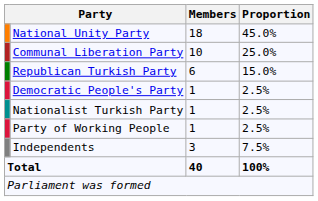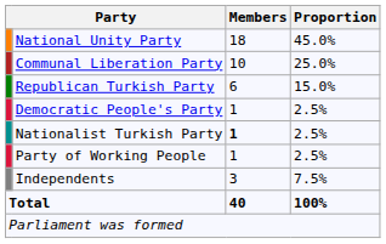 <table class=wikitable style="border:1px solid #8888aa; background-color:#f7f8ff; padding:0px; font-size:90%;">
 <tr>
 <th colspan="2">Party</th>
 <th>Members</th>
 <th>Proportion</th>
 </tr>
 <tr>
 <td style="background: #FF7F00"></td>
 <td><a href='#'>National Unity Party</a></td>
 <td>18</td>
 <td>45.0%</td>
 </tr>
 <tr>
 <td style="background: #B22222"></td>
 <td><a href='#'>Communal Liberation Party</a></td>
 <td>10</td>
 <td>25.0%</td>
 </tr>
 <tr>
 <td style="background: #008000"></td>
 <td><a href='#'>Republican Turkish Party</a></td>
 <td>6</td>
 <td>15.0%</td>
 </tr>
 <tr>
 <td style="background: #DC143C"></td>
 <td><a href='#'>Democratic People's Party</a></td>
 <td>1</td>
 <td>2.5%</td>
 </tr>
 <tr>
 <td style="background: #009090"></td>
 <td>Nationalist Turkish Party</td>
-<td>1</td>
+<td><strong>1</strong></td>
 <td>2.5%</td>
 </tr>
 <tr>
 <td style="background: #DC143C"></td>
 <td>Party of Working People</td>
 <td>1</td>
 <td>2.5%</td>
 </tr>
 <tr>
 <td style="background: gray"></td>
 <td>Independents</td>
 <td>3</td>
 <td>7.5%</td>
 </tr>
 <tr>
 <td colspan="2"><strong>Total</strong></td>
 <td><strong>40</strong></td>
 <td><strong>100%</strong></td>
 </tr>
 <tr>
 <td colspan="7"><em>Parliament was formed</em>  </td>
 </tr>
 </table>
